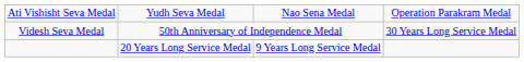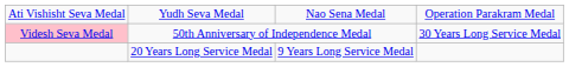 <table class="wikitable" style="margin:1em auto; text-align:center;">
 <tr>
 <td><a href='#'>Ati Vishisht Seva Medal</a></td>
 <td><a href='#'>Yudh Seva Medal</a></td>
 <td><a href='#'>Nao Sena Medal</a></td>
 <td><a href='#'>Operation Parakram Medal</a></td>
 </tr>
 <tr>
-<td><a href='#'>Videsh Seva Medal</a></td>
+<td style="background: pink;"><a href='#'>Videsh Seva Medal</a></td>
 <td colspan=2><a href='#'>50th Anniversary of Independence Medal</a></td>
 <td><a href='#'>30 Years Long Service Medal</a></td>
 </tr>
 <tr>
 <td></td>
 <td><a href='#'>20 Years Long Service Medal</a></td>
 <td><a href='#'>9 Years Long Service Medal</a></td>
 <td></td>
 </tr>
 </table>
